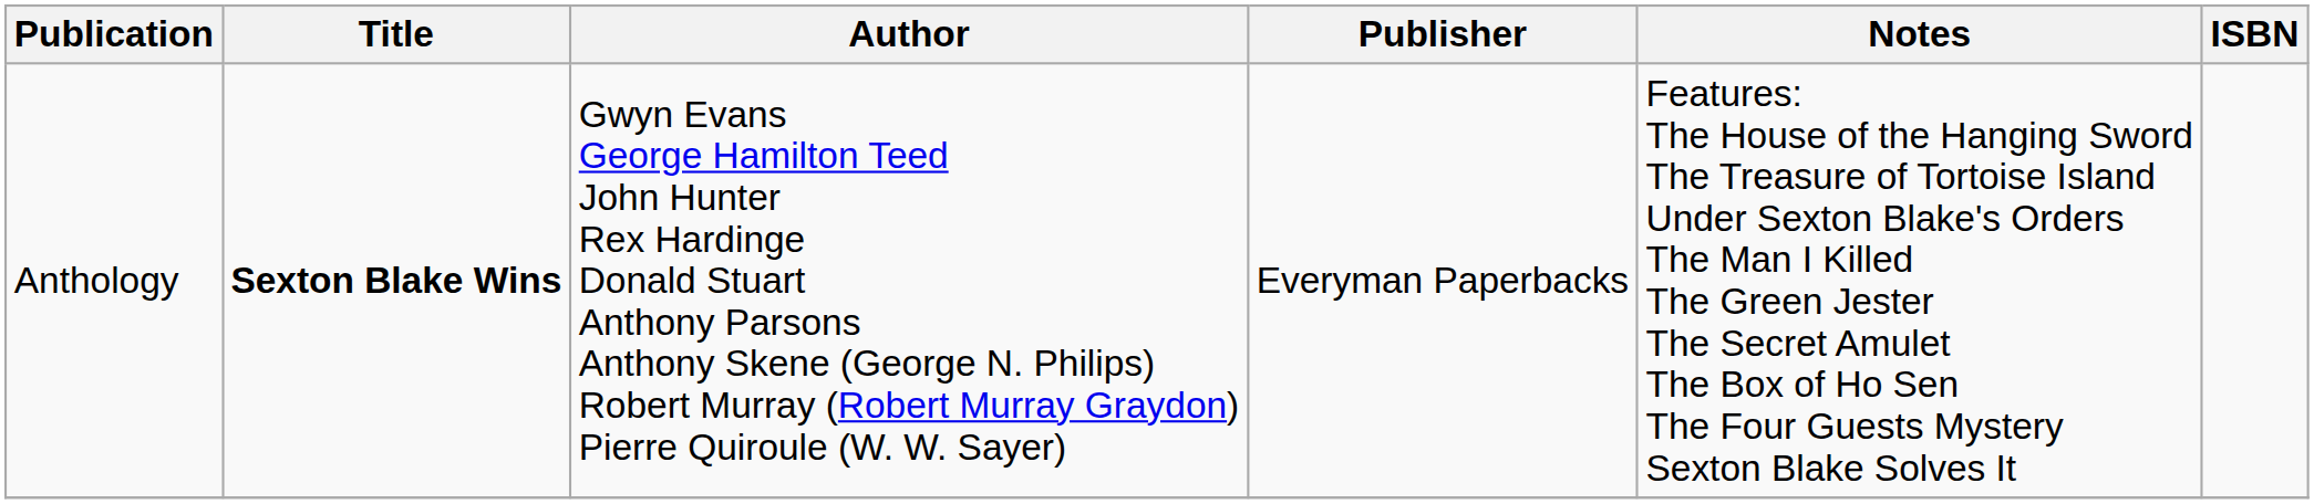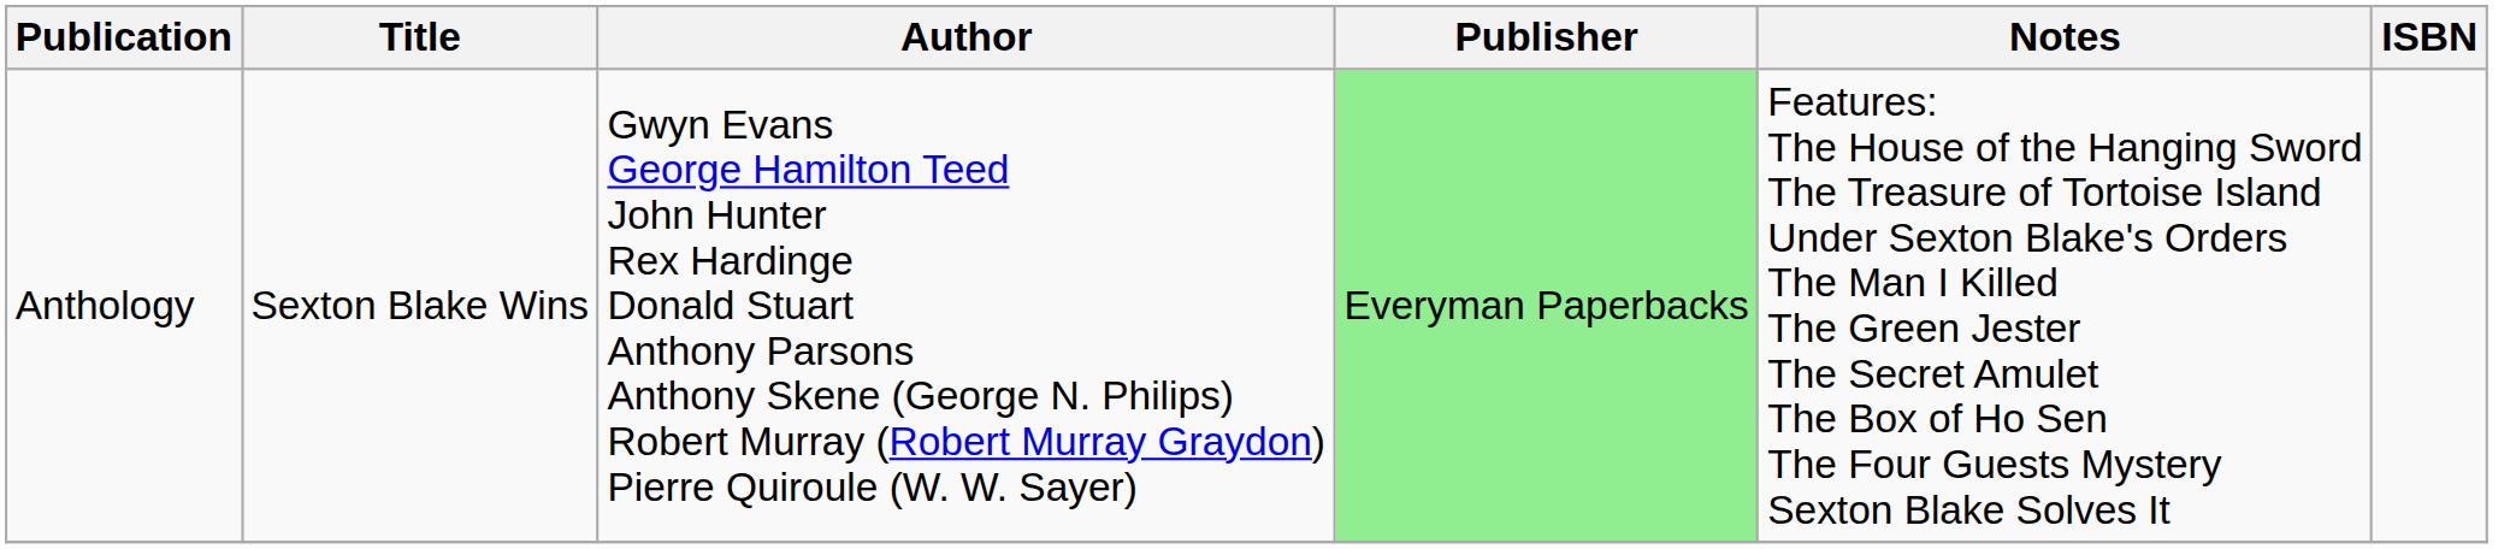 <table class="wikitable">
 <tr>
 <th>Publication</th>
 <th>Title</th>
 <th>Author</th>
 <th>Publisher</th>
 <th>Notes</th>
 <th>ISBN</th>
 </tr>
 <tr>
 <td>Anthology</td>
-<td><strong>Sexton Blake Wins</strong></td>
+<td>Sexton Blake Wins</td>
 <td>Gwyn Evans<br><a href='#'>George Hamilton Teed</a><br>John Hunter<br>Rex Hardinge<br>Donald Stuart<br>Anthony Parsons<br>Anthony Skene (George N. Philips)<br>Robert Murray (<a href='#'>Robert Murray Graydon</a>)<br>Pierre Quiroule (W. W. Sayer)</td>
-<td>Everyman Paperbacks</td>
+<td style="background: lightgreen;">Everyman Paperbacks</td>
 <td>Features: <br> The House of the Hanging Sword <br> The Treasure of Tortoise Island <br> Under Sexton Blake's Orders <br> The Man I Killed <br> The Green Jester <br> The Secret Amulet <br> The Box of Ho Sen <br> The Four Guests Mystery <br> Sexton Blake Solves It <br></td>
 <td></td>
 </tr>
 <tr>
 </tr>
 </table>
